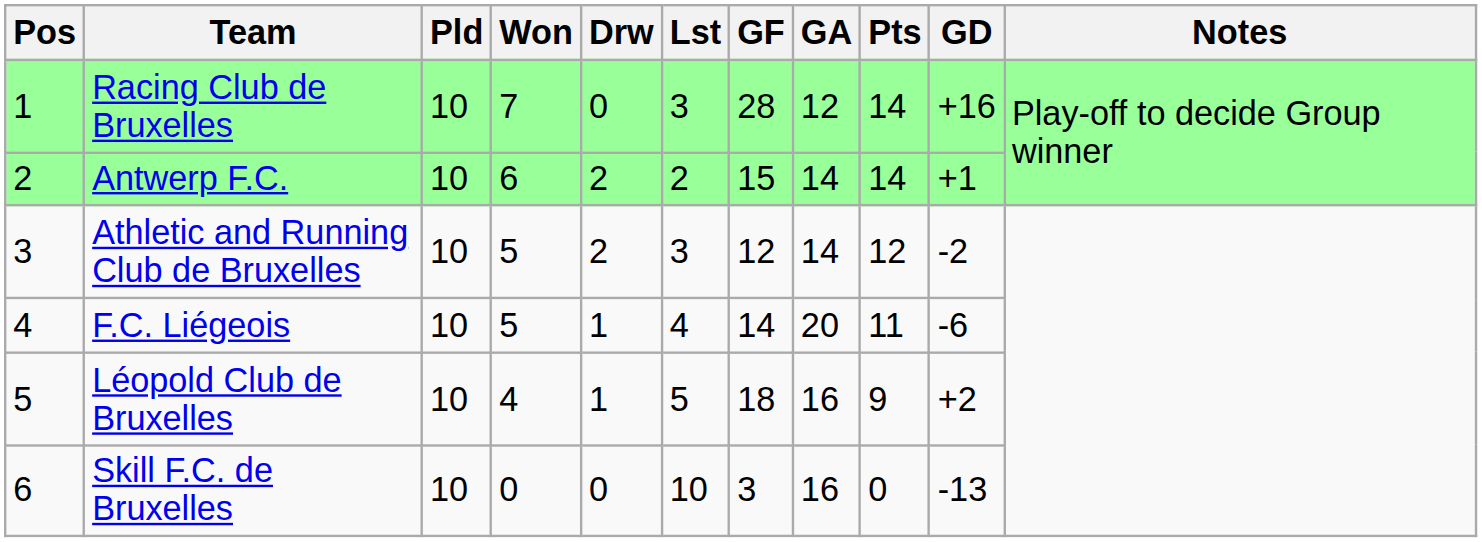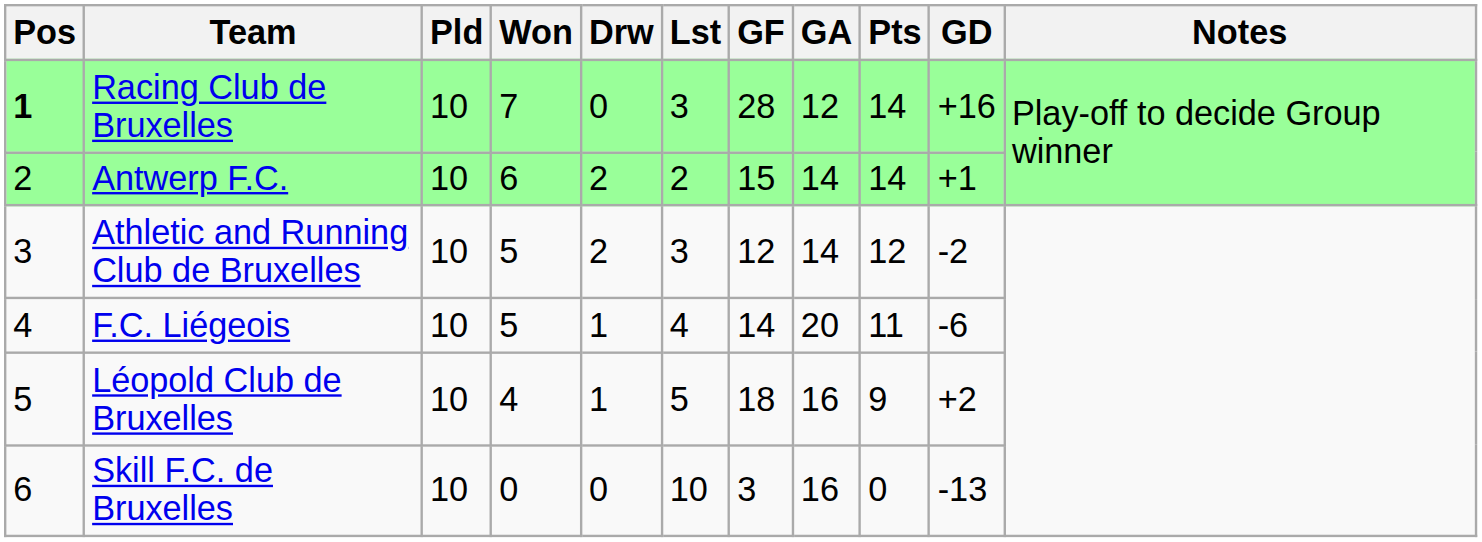 <table class="wikitable" width=70% style="font-size:90%">
 <tr>
 <th width=4%><strong>Pos</strong></th>
 <th width=26%><strong>Team</strong></th>
 <th width=4%><strong>Pld</strong></th>
 <th width=4%><strong>Won</strong></th>
 <th width=4%><strong>Drw</strong></th>
 <th width=4%><strong>Lst</strong></th>
 <th width=4%><strong>GF</strong></th>
 <th width=4%><strong>GA</strong></th>
 <th width=4%><strong>Pts</strong></th>
 <th width=4%><strong>GD</strong></th>
 <th width=38%><strong>Notes</strong></th>
 </tr>
 <tr style="background:#99ff99">
-<td>1</td>
+<td><strong>1</strong></td>
 <td><a href='#'>Racing Club de Bruxelles</a></td>
 <td>10</td>
 <td>7</td>
 <td>0</td>
 <td>3</td>
 <td>28</td>
 <td>12</td>
 <td>14</td>
 <td>+16</td>
 <td rowspan=2>Play-off to decide Group winner</td>
 </tr>
 <tr style="background:#99ff99">
 <td>2</td>
 <td><a href='#'>Antwerp F.C.</a></td>
 <td>10</td>
 <td>6</td>
 <td>2</td>
 <td>2</td>
 <td>15</td>
 <td>14</td>
 <td>14</td>
 <td>+1</td>
 </tr>
 <tr>
 <td>3</td>
 <td><a href='#'>Athletic and Running Club de Bruxelles</a></td>
 <td>10</td>
 <td>5</td>
 <td>2</td>
 <td>3</td>
 <td>12</td>
 <td>14</td>
 <td>12</td>
 <td>-2</td>
 </tr>
 <tr>
 <td>4</td>
 <td><a href='#'>F.C. Liégeois</a></td>
 <td>10</td>
 <td>5</td>
 <td>1</td>
 <td>4</td>
 <td>14</td>
 <td>20</td>
 <td>11</td>
 <td>-6</td>
 </tr>
 <tr>
 <td>5</td>
 <td><a href='#'>Léopold Club de Bruxelles</a></td>
 <td>10</td>
 <td>4</td>
 <td>1</td>
 <td>5</td>
 <td>18</td>
 <td>16</td>
 <td>9</td>
 <td>+2</td>
 </tr>
 <tr>
 <td>6</td>
 <td><a href='#'>Skill F.C. de Bruxelles</a></td>
 <td>10</td>
 <td>0</td>
 <td>0</td>
 <td>10</td>
 <td>3</td>
 <td>16</td>
 <td>0</td>
 <td>-13</td>
 </tr>
 </table>
